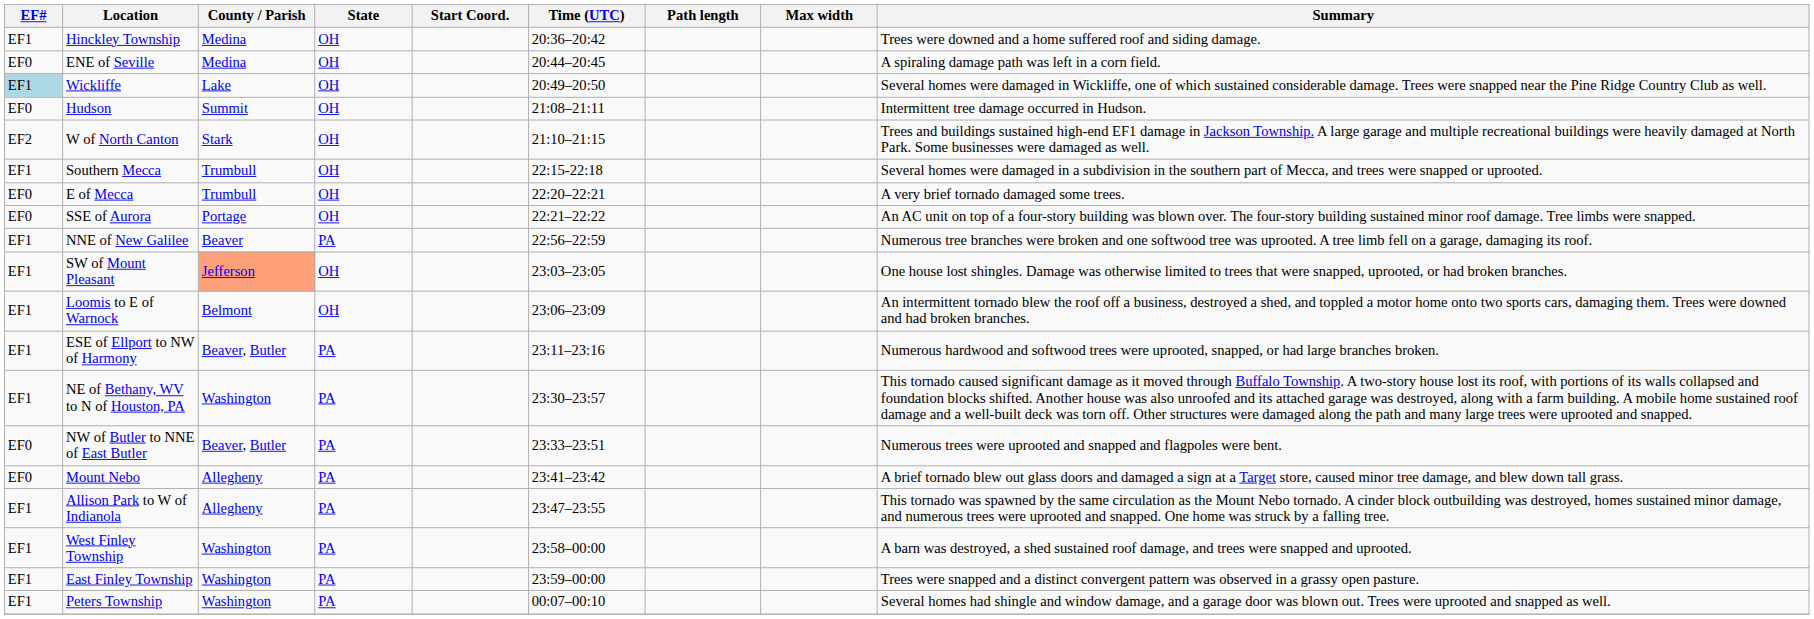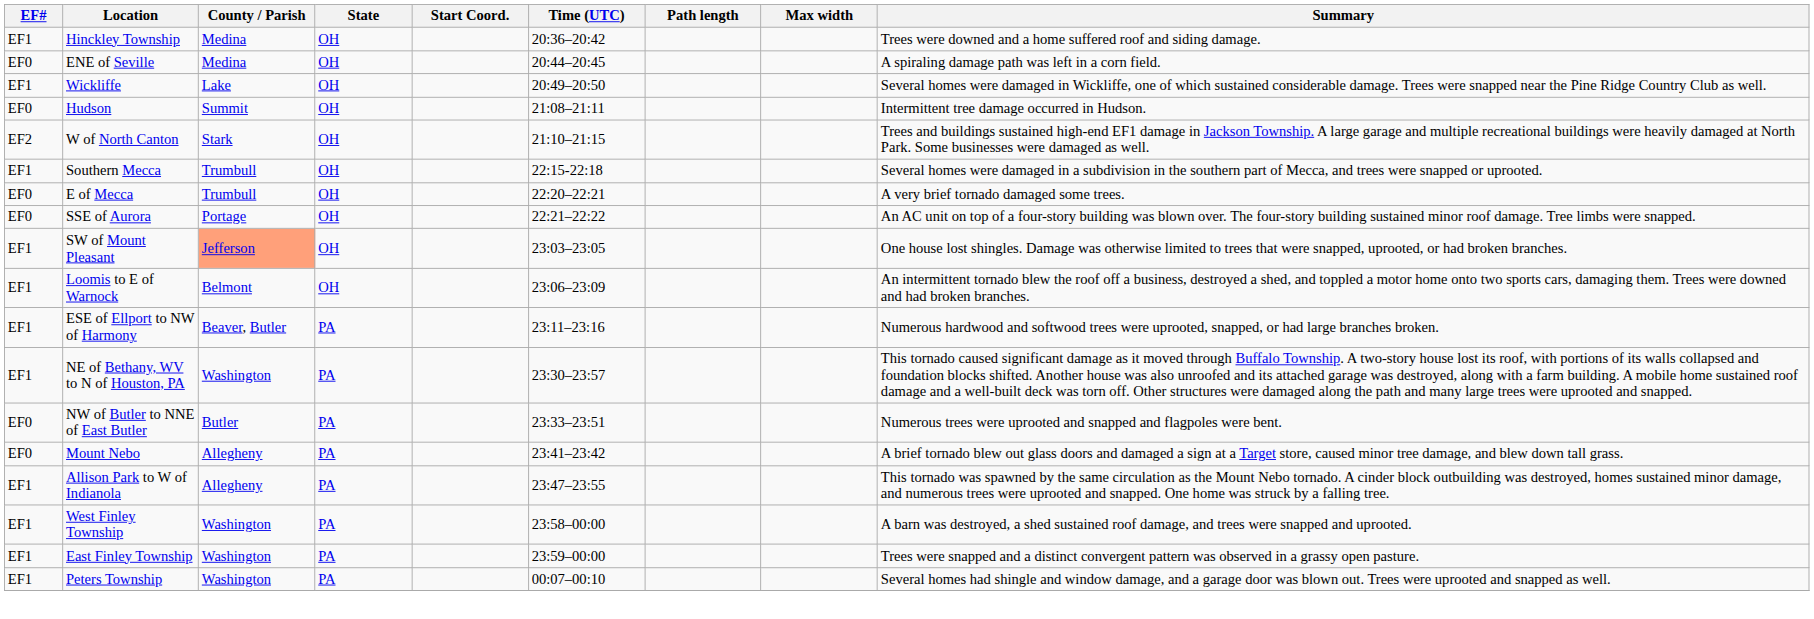 <table class="wikitable sortable" style="width:100%;">
 <tr>
 <th scope="col"  style="width:3%; text-align:center;"><a href='#'>EF#</a></th>
 <th scope="col"  style="width:7%; text-align:center;" class="unsortable">Location</th>
 <th scope="col"  style="width:6%; text-align:center;" class="unsortable">County / Parish</th>
 <th scope="col"  style="width:5%; text-align:center;">State</th>
 <th scope="col"  style="width:6%; text-align:center;">Start Coord.</th>
 <th scope="col"  style="width:6%; text-align:center;">Time (<a href='#'>UTC</a>)</th>
 <th scope="col"  style="width:6%; text-align:center;">Path length</th>
 <th scope="col"  style="width:6%; text-align:center;">Max width</th>
 <th scope="col" class="unsortable" style="width:48%; text-align:center;">Summary</th>
 </tr>
 <tr>
 <td>EF1</td>
 <td><a href='#'>Hinckley Township</a></td>
 <td><a href='#'>Medina</a></td>
 <td><a href='#'>OH</a></td>
 <td></td>
 <td>20:36–20:42</td>
 <td></td>
 <td></td>
 <td>Trees were downed and a home suffered roof and siding damage.</td>
 </tr>
 <tr>
 <td>EF0</td>
 <td>ENE of <a href='#'>Seville</a></td>
 <td><a href='#'>Medina</a></td>
 <td><a href='#'>OH</a></td>
 <td></td>
 <td>20:44–20:45</td>
 <td></td>
 <td></td>
 <td>A spiraling damage path was left in a corn field.</td>
 </tr>
 <tr>
-<td style="background: lightblue;">EF1</td>
+<td>EF1</td>
 <td><a href='#'>Wickliffe</a></td>
 <td><a href='#'>Lake</a></td>
 <td><a href='#'>OH</a></td>
 <td></td>
 <td>20:49–20:50</td>
 <td></td>
 <td></td>
 <td>Several homes were damaged in Wickliffe, one of which sustained considerable damage. Trees were snapped near the Pine Ridge Country Club as well.</td>
 </tr>
 <tr>
 <td>EF0</td>
 <td><a href='#'>Hudson</a></td>
 <td><a href='#'>Summit</a></td>
 <td><a href='#'>OH</a></td>
 <td></td>
 <td>21:08–21:11</td>
 <td></td>
 <td></td>
 <td>Intermittent tree damage occurred in Hudson.</td>
 </tr>
 <tr>
 <td>EF2</td>
 <td>W of <a href='#'>North Canton</a></td>
 <td><a href='#'>Stark</a></td>
 <td><a href='#'>OH</a></td>
 <td></td>
 <td>21:10–21:15</td>
 <td></td>
 <td></td>
 <td>Trees and buildings sustained high-end EF1 damage in <a href='#'>Jackson Township.</a> A large garage and multiple recreational buildings were heavily damaged at North Park. Some businesses were damaged as well.</td>
 </tr>
 <tr>
 <td>EF1</td>
 <td>Southern <a href='#'>Mecca</a></td>
 <td><a href='#'>Trumbull</a></td>
 <td><a href='#'>OH</a></td>
 <td></td>
 <td>22:15-22:18</td>
 <td></td>
 <td></td>
 <td>Several homes were damaged in a subdivision in the southern part of Mecca, and trees were snapped or uprooted.</td>
 </tr>
 <tr>
 <td>EF0</td>
 <td>E of <a href='#'>Mecca</a></td>
 <td><a href='#'>Trumbull</a></td>
 <td><a href='#'>OH</a></td>
 <td></td>
 <td>22:20–22:21</td>
 <td></td>
 <td></td>
 <td>A very brief tornado damaged some trees.</td>
 </tr>
 <tr>
 <td>EF0</td>
 <td>SSE of <a href='#'>Aurora</a></td>
 <td><a href='#'>Portage</a></td>
 <td><a href='#'>OH</a></td>
 <td></td>
 <td>22:21–22:22</td>
 <td></td>
 <td></td>
 <td>An AC unit on top of a four-story building was blown over. The four-story building sustained minor roof damage. Tree limbs were snapped.</td>
 </tr>
 <tr>
 <td>EF1</td>
-<td>NNE of <a href='#'>New Galilee</a></td>
-<td><a href='#'>Beaver</a></td>
-<td><a href='#'>PA</a></td>
-<td></td>
-<td>22:56–22:59</td>
-<td></td>
-<td></td>
-<td>Numerous tree branches were broken and one softwood tree was uprooted. A tree limb fell on a garage, damaging its roof.</td>
-</tr>
-<tr>
-<td>EF1</td>
 <td>SW of <a href='#'>Mount Pleasant</a></td>
 <td style="background: lightsalmon;"><a href='#'>Jefferson</a></td>
 <td><a href='#'>OH</a></td>
 <td></td>
 <td>23:03–23:05</td>
 <td></td>
 <td></td>
 <td>One house lost shingles. Damage was otherwise limited to trees that were snapped, uprooted, or had broken branches.</td>
 </tr>
 <tr>
 <td>EF1</td>
 <td><a href='#'>Loomis</a> to E of <a href='#'>Warnock</a></td>
 <td><a href='#'>Belmont</a></td>
 <td><a href='#'>OH</a></td>
 <td></td>
 <td>23:06–23:09</td>
 <td></td>
 <td></td>
 <td>An intermittent tornado blew the roof off a business, destroyed a shed, and toppled a motor home onto two sports cars, damaging them. Trees were downed and had broken branches.</td>
 </tr>
 <tr>
 <td>EF1</td>
 <td>ESE of <a href='#'>Ellport</a> to NW of <a href='#'>Harmony</a></td>
 <td><a href='#'>Beaver</a>, <a href='#'>Butler</a></td>
 <td><a href='#'>PA</a></td>
 <td></td>
 <td>23:11–23:16</td>
 <td></td>
 <td></td>
 <td>Numerous hardwood and softwood trees were uprooted, snapped, or had large branches broken.</td>
 </tr>
 <tr>
 <td>EF1</td>
 <td>NE of <a href='#'>Bethany, WV</a> to N of <a href='#'>Houston, PA</a></td>
 <td><a href='#'>Washington</a></td>
 <td><a href='#'>PA</a></td>
 <td></td>
 <td>23:30–23:57</td>
 <td></td>
 <td></td>
 <td>This tornado caused significant damage as it moved through <a href='#'>Buffalo Township</a>. A two-story house lost its roof, with portions of its walls collapsed and foundation blocks shifted. Another house was also unroofed and its attached garage was destroyed, along with a farm building. A mobile home sustained roof damage and a well-built deck was torn off. Other structures were damaged along the path and many large trees were uprooted and snapped.</td>
 </tr>
 <tr>
 <td>EF0</td>
 <td>NW of <a href='#'>Butler</a> to NNE of <a href='#'>East Butler</a></td>
-<td><a href='#'>Beaver</a>, <a href='#'>Butler</a></td>
+<td><a href='#'>Butler</a></td>
 <td><a href='#'>PA</a></td>
 <td></td>
 <td>23:33–23:51</td>
 <td></td>
 <td></td>
 <td>Numerous trees were uprooted and snapped and flagpoles were bent.</td>
 </tr>
 <tr>
 <td>EF0</td>
 <td><a href='#'>Mount Nebo</a></td>
 <td><a href='#'>Allegheny</a></td>
 <td><a href='#'>PA</a></td>
 <td></td>
 <td>23:41–23:42</td>
 <td></td>
 <td></td>
 <td>A brief tornado blew out glass doors and damaged a sign at a <a href='#'>Target</a> store, caused minor tree damage, and blew down tall grass.</td>
 </tr>
 <tr>
 <td>EF1</td>
 <td><a href='#'>Allison Park</a> to W of <a href='#'>Indianola</a></td>
 <td><a href='#'>Allegheny</a></td>
 <td><a href='#'>PA</a></td>
 <td></td>
 <td>23:47–23:55</td>
 <td></td>
 <td></td>
 <td>This tornado was spawned by the same circulation as the Mount Nebo tornado. A cinder block outbuilding was destroyed, homes sustained minor damage, and numerous trees were uprooted and snapped. One home was struck by a falling tree.</td>
 </tr>
 <tr>
 <td>EF1</td>
 <td><a href='#'>West Finley Township</a></td>
 <td><a href='#'>Washington</a></td>
 <td><a href='#'>PA</a></td>
 <td></td>
 <td>23:58–00:00</td>
 <td></td>
 <td></td>
 <td>A barn was destroyed, a shed sustained roof damage, and trees were snapped and uprooted.</td>
 </tr>
 <tr>
 <td>EF1</td>
 <td><a href='#'>East Finley Township</a></td>
 <td><a href='#'>Washington</a></td>
 <td><a href='#'>PA</a></td>
 <td></td>
 <td>23:59–00:00</td>
 <td></td>
 <td></td>
 <td>Trees were snapped and a distinct convergent pattern was observed in a grassy open pasture.</td>
 </tr>
 <tr>
 <td>EF1</td>
 <td><a href='#'>Peters Township</a></td>
 <td><a href='#'>Washington</a></td>
 <td><a href='#'>PA</a></td>
 <td></td>
 <td>00:07–00:10</td>
 <td></td>
 <td></td>
 <td>Several homes had shingle and window damage, and a garage door was blown out. Trees were uprooted and snapped as well.</td>
 </tr>
 <tr>
 </tr>
 </table>
